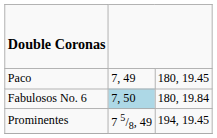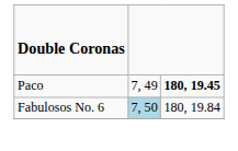 <table class="wikitable" style="font-size: 85%; margin:1em auto;">
 <tr>
 <td><br><h3>Double Coronas</h3></td>
 </tr>
 <tr>
 <td>Paco</td>
 <td>7, 49</td>
-<td>180, 19.45</td>
+<td><strong>180, 19.45</strong></td>
 </tr>
 <tr>
 <td>Fabulosos No. 6</td>
 <td style="background: lightblue;">7, 50</td>
 <td>180, 19.84</td>
 </tr>
 <tr>
-<td>Prominentes</td>
-<td>7 <sup>5</sup>/<sub>8</sub>, 49</td>
-<td>194, 19.45</td>
-</tr>
-<tr>
 </tr>
 </table>
